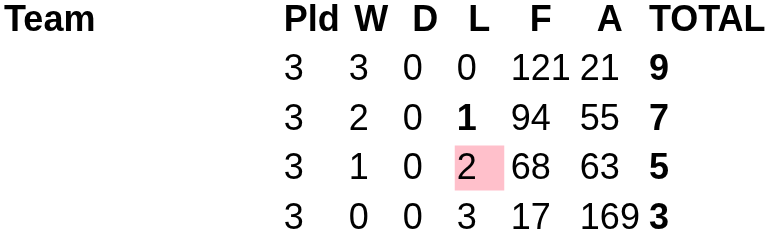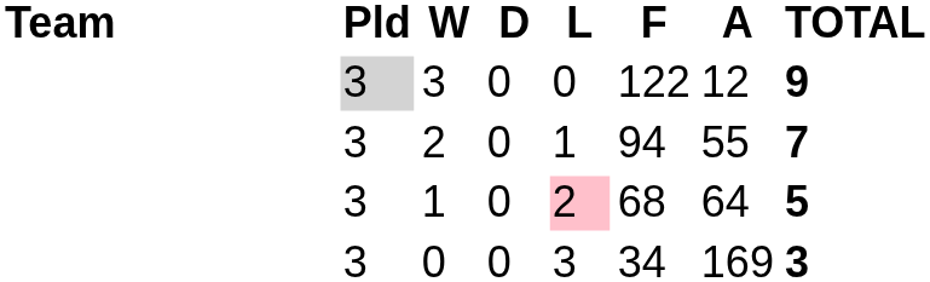 <table>
 <tr>
 <td><br></td>
 </tr>
 <tr border=1 cellpadding=5 cellspacing=0>
 <th width="200">Team</th>
 <th width="20">Pld</th>
 <th width="20">W</th>
 <th width="20">D</th>
 <th width="20">L</th>
 <th width="20">F</th>
 <th width="20">A</th>
 <th width="20">TOTAL</th>
 </tr>
 <tr>
 <td align=left></td>
-<td>3</td>
+<td style="background: lightgrey;">3</td>
 <td>3</td>
 <td>0</td>
 <td>0</td>
-<td>121</td>
-<td>21</td>
+<td>122</td>
+<td>12</td>
 <td><strong>9</strong></td>
 </tr>
 <tr>
 <td align=left></td>
 <td>3</td>
 <td>2</td>
 <td>0</td>
-<td><strong>1</strong></td>
+<td>1</td>
 <td>94</td>
 <td>55</td>
 <td><strong>7</strong></td>
 </tr>
 <tr>
 <td align=left></td>
 <td>3</td>
 <td>1</td>
 <td>0</td>
 <td style="background: pink;">2</td>
 <td>68</td>
-<td>63</td>
+<td>64</td>
 <td><strong>5</strong></td>
 </tr>
 <tr>
 <td align=left></td>
 <td>3</td>
 <td>0</td>
 <td>0</td>
 <td>3</td>
-<td>17</td>
+<td>34</td>
 <td>169</td>
 <td><strong>3</strong></td>
 </tr>
 </table>
